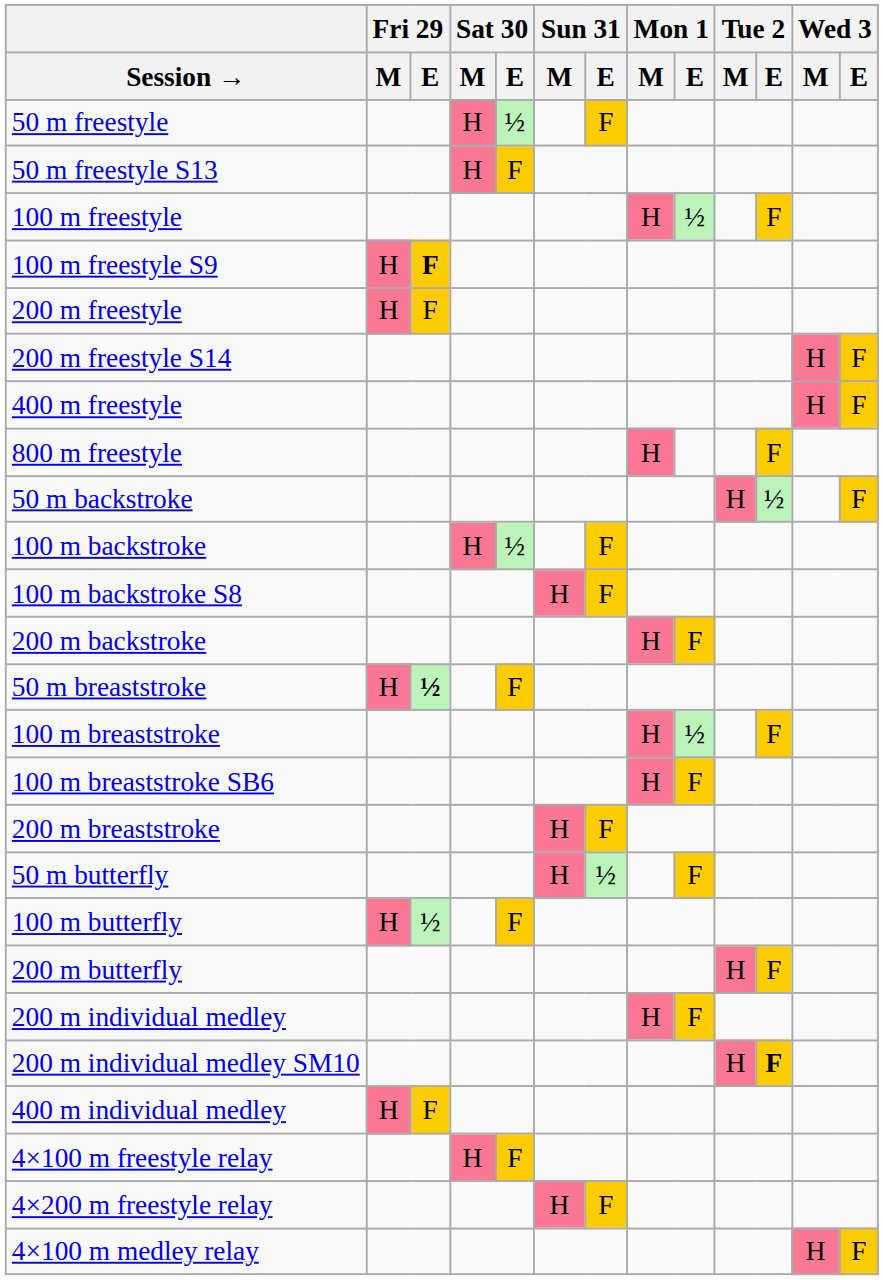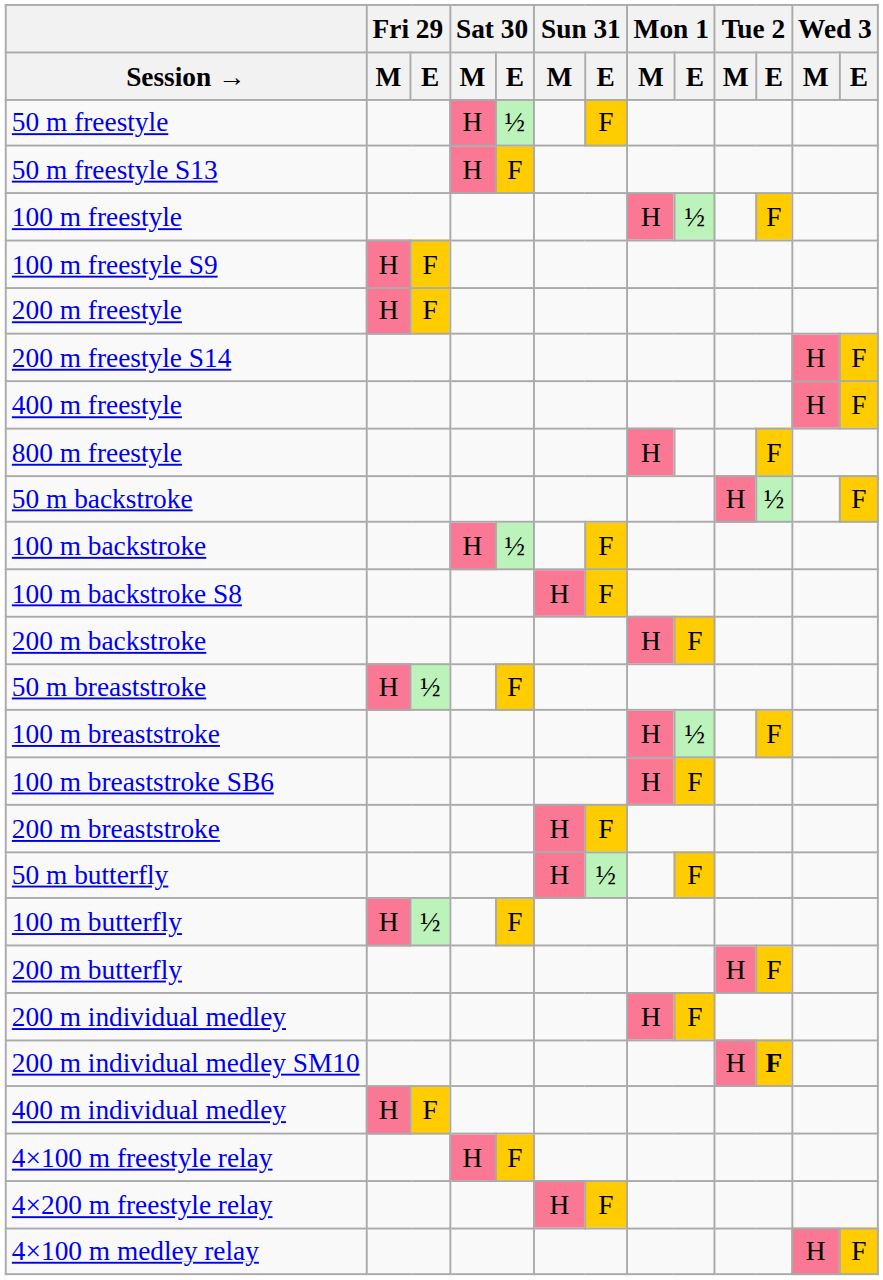 <table class="wikitable" style="margin:0.5em auto; font-size:90%; line-height:1.25em; text-align:center;">
 <tr>
 <th></th>
 <th colspan=2>Fri 29</th>
 <th colspan=2>Sat 30</th>
 <th colspan=2>Sun 31</th>
 <th colspan=2>Mon 1</th>
 <th colspan=2>Tue 2</th>
 <th colspan=2>Wed 3</th>
 </tr>
 <tr>
 <th>Session →</th>
 <th>M</th>
 <th>E</th>
 <th>M</th>
 <th>E</th>
 <th>M</th>
 <th>E</th>
 <th>M</th>
 <th>E</th>
 <th>M</th>
 <th>E</th>
 <th>M</th>
 <th>E</th>
 </tr>
 <tr>
 <td align=left><a href='#'>50 m freestyle</a></td>
 <td colspan=2></td>
 <td style="background-color:#FA7894;">H</td>
 <td style="background-color:#BBF3BB;">½</td>
 <td></td>
 <td style="background-color:#FFCC00;">F</td>
 <td colspan=2></td>
 <td colspan=2></td>
 <td colspan=2></td>
 </tr>
 <tr>
 <td align=left><a href='#'>50 m freestyle S13</a></td>
 <td colspan=2></td>
 <td style="background-color:#FA7894;">H</td>
 <td style="background-color:#FFCC00;">F</td>
 <td colspan=2></td>
 <td colspan=2></td>
 <td colspan=2></td>
 <td colspan=2></td>
 </tr>
 <tr>
 <td align=left><a href='#'>100 m freestyle</a></td>
 <td colspan=2></td>
 <td colspan=2></td>
 <td colspan=2></td>
 <td style="background-color:#FA7894;">H</td>
 <td style="background-color:#BBF3BB;">½</td>
 <td></td>
 <td style="background-color:#FFCC00;">F</td>
 <td colspan=2></td>
 </tr>
 <tr>
 <td align=left><a href='#'>100 m freestyle S9</a></td>
 <td style="background-color:#FA7894;">H</td>
-<td style="background-color:#FFCC00;"><strong>F</strong></td>
+<td style="background-color:#FFCC00;">F</td>
 <td colspan=2></td>
 <td colspan=2></td>
 <td colspan=2></td>
 <td colspan=2></td>
 <td colspan=2></td>
 </tr>
 <tr>
 <td align=left><a href='#'>200 m freestyle</a></td>
 <td style="background-color:#FA7894;">H</td>
 <td style="background-color:#FFCC00;">F</td>
 <td colspan=2></td>
 <td colspan=2></td>
 <td colspan=2></td>
 <td colspan=2></td>
 <td colspan=2></td>
 </tr>
 <tr>
 <td align=left><a href='#'>200 m freestyle S14</a></td>
 <td colspan=2></td>
 <td colspan=2></td>
 <td colspan=2></td>
 <td colspan=2></td>
 <td colspan=2></td>
 <td style="background-color:#FA7894;">H</td>
 <td style="background-color:#FFCC00;">F</td>
 </tr>
 <tr>
 <td align=left><a href='#'>400 m freestyle</a></td>
 <td colspan=2></td>
 <td colspan=2></td>
 <td colspan=2></td>
 <td colspan=2></td>
 <td colspan=2></td>
 <td style="background-color:#FA7894;">H</td>
 <td style="background-color:#FFCC00;">F</td>
 </tr>
 <tr>
 <td align=left><a href='#'>800 m freestyle</a></td>
 <td colspan=2></td>
 <td colspan=2></td>
 <td colspan=2></td>
 <td style="background-color:#FA7894;">H</td>
 <td></td>
 <td></td>
 <td style="background-color:#FFCC00;">F</td>
 <td colspan=2></td>
 </tr>
 <tr>
 <td align=left><a href='#'>50 m backstroke</a></td>
 <td colspan=2></td>
 <td colspan=2></td>
 <td colspan=2></td>
 <td colspan=2></td>
 <td style="background-color:#FA7894;">H</td>
 <td style="background-color:#BBF3BB;">½</td>
 <td></td>
 <td style="background-color:#FFCC00;">F</td>
 </tr>
 <tr>
 <td align=left><a href='#'>100 m backstroke</a></td>
 <td colspan=2></td>
 <td style="background-color:#FA7894;">H</td>
 <td style="background-color:#BBF3BB;">½</td>
 <td></td>
 <td style="background-color:#FFCC00;">F</td>
 <td colspan=2></td>
 <td colspan=2></td>
 <td colspan=2></td>
 </tr>
 <tr>
 <td align=left><a href='#'>100 m backstroke S8</a></td>
 <td colspan=2></td>
 <td colspan=2></td>
 <td style="background-color:#FA7894;">H</td>
 <td style="background-color:#FFCC00;">F</td>
 <td colspan=2></td>
 <td colspan=2></td>
 <td colspan=2></td>
 </tr>
 <tr>
 <td align=left><a href='#'>200 m backstroke</a></td>
 <td colspan=2></td>
 <td colspan=2></td>
 <td colspan=2></td>
 <td style="background-color:#FA7894;">H</td>
 <td style="background-color:#FFCC00;">F</td>
 <td colspan=2></td>
 <td colspan=2></td>
 </tr>
 <tr>
 <td align=left><a href='#'>50 m breaststroke</a></td>
 <td style="background-color:#FA7894;">H</td>
-<td style="background-color:#BBF3BB;"><strong>½</strong></td>
+<td style="background-color:#BBF3BB;">½</td>
 <td></td>
 <td style="background-color:#FFCC00;">F</td>
 <td colspan=2></td>
 <td colspan=2></td>
 <td colspan=2></td>
 <td colspan=2></td>
 </tr>
 <tr>
 <td align=left><a href='#'>100 m breaststroke</a></td>
 <td colspan=2></td>
 <td colspan=2></td>
 <td colspan=2></td>
 <td style="background-color:#FA7894;">H</td>
 <td style="background-color:#BBF3BB;">½</td>
 <td></td>
 <td style="background-color:#FFCC00;">F</td>
 <td colspan=2></td>
 </tr>
 <tr>
 <td align=left><a href='#'>100 m breaststroke SB6</a></td>
 <td colspan=2></td>
 <td colspan=2></td>
 <td colspan=2></td>
 <td style="background-color:#FA7894;">H</td>
 <td style="background-color:#FFCC00;">F</td>
 <td colspan=2></td>
 <td colspan=2></td>
 </tr>
 <tr>
 <td align=left><a href='#'>200 m breaststroke</a></td>
 <td colspan=2></td>
 <td colspan=2></td>
 <td style="background-color:#FA7894;">H</td>
 <td style="background-color:#FFCC00;">F</td>
 <td colspan=2></td>
 <td colspan=2></td>
 <td colspan=2></td>
 </tr>
 <tr>
 <td align=left><a href='#'>50 m butterfly</a></td>
 <td colspan=2></td>
 <td colspan=2></td>
 <td style="background-color:#FA7894;">H</td>
 <td style="background-color:#BBF3BB;">½</td>
 <td></td>
 <td style="background-color:#FFCC00;">F</td>
 <td colspan=2></td>
 <td colspan=2></td>
 </tr>
 <tr>
 <td align=left><a href='#'>100 m butterfly</a></td>
 <td style="background-color:#FA7894;">H</td>
 <td style="background-color:#BBF3BB;">½</td>
 <td></td>
 <td style="background-color:#FFCC00;">F</td>
 <td colspan=2></td>
 <td colspan=2></td>
 <td colspan=2></td>
 <td colspan=2></td>
 </tr>
 <tr>
 <td align=left><a href='#'>200 m butterfly</a></td>
 <td colspan=2></td>
 <td colspan=2></td>
 <td colspan=2></td>
 <td colspan=2></td>
 <td style="background-color:#FA7894;">H</td>
 <td style="background-color:#FFCC00;">F</td>
 <td colspan=2></td>
 </tr>
 <tr>
 <td align=left><a href='#'>200 m individual medley</a></td>
 <td colspan=2></td>
 <td colspan=2></td>
 <td colspan=2></td>
 <td style="background-color:#FA7894;">H</td>
 <td style="background-color:#FFCC00;">F</td>
 <td colspan=2></td>
 <td colspan=2></td>
 </tr>
 <tr>
 <td align=left><a href='#'>200 m individual medley SM10</a></td>
 <td colspan=2></td>
 <td colspan=2></td>
 <td colspan=2></td>
 <td colspan=2></td>
 <td style="background-color:#FA7894;">H</td>
 <td style="background-color:#FFCC00;"><strong>F</strong></td>
 <td colspan=2></td>
 </tr>
 <tr>
 <td align=left><a href='#'>400 m individual medley</a></td>
 <td style="background-color:#FA7894;">H</td>
 <td style="background-color:#FFCC00;">F</td>
 <td colspan=2></td>
 <td colspan=2></td>
 <td colspan=2></td>
 <td colspan=2></td>
 <td colspan=2></td>
 </tr>
 <tr>
 <td align=left><a href='#'>4×100 m freestyle relay</a></td>
 <td colspan=2></td>
 <td style="background-color:#FA7894;">H</td>
 <td style="background-color:#FFCC00;">F</td>
 <td colspan=2></td>
 <td colspan=2></td>
 <td colspan=2></td>
 <td colspan=2></td>
 </tr>
 <tr>
 <td align=left><a href='#'>4×200 m freestyle relay</a></td>
 <td colspan=2></td>
 <td colspan=2></td>
 <td style="background-color:#FA7894;">H</td>
 <td style="background-color:#FFCC00;">F</td>
 <td colspan=2></td>
 <td colspan=2></td>
 <td colspan=2></td>
 </tr>
 <tr>
 <td align=left><a href='#'>4×100 m medley relay</a></td>
 <td colspan=2></td>
 <td colspan=2></td>
 <td colspan=2></td>
 <td colspan=2></td>
 <td colspan=2></td>
 <td style="background-color:#FA7894;">H</td>
 <td style="background-color:#FFCC00;">F</td>
 </tr>
 </table>
